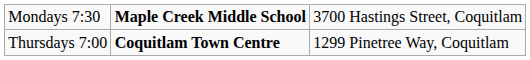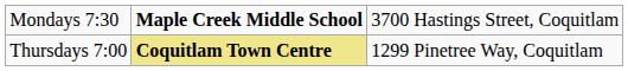 <table class="wikitable">
 <tr>
 <td>Mondays 7:30</td>
 <td><strong>Maple Creek Middle School</strong></td>
 <td>3700 Hastings Street, Coquitlam</td>
 </tr>
 <tr>
 <td>Thursdays 7:00</td>
-<td><strong>Coquitlam Town Centre</strong></td>
+<td style="background: khaki;"><strong>Coquitlam Town Centre</strong></td>
 <td>1299 Pinetree Way, Coquitlam</td>
 </tr>
 </table>
